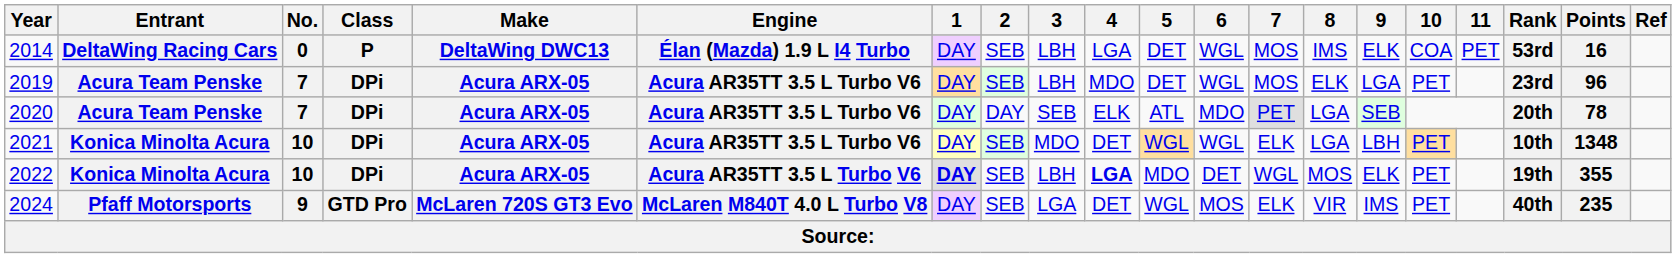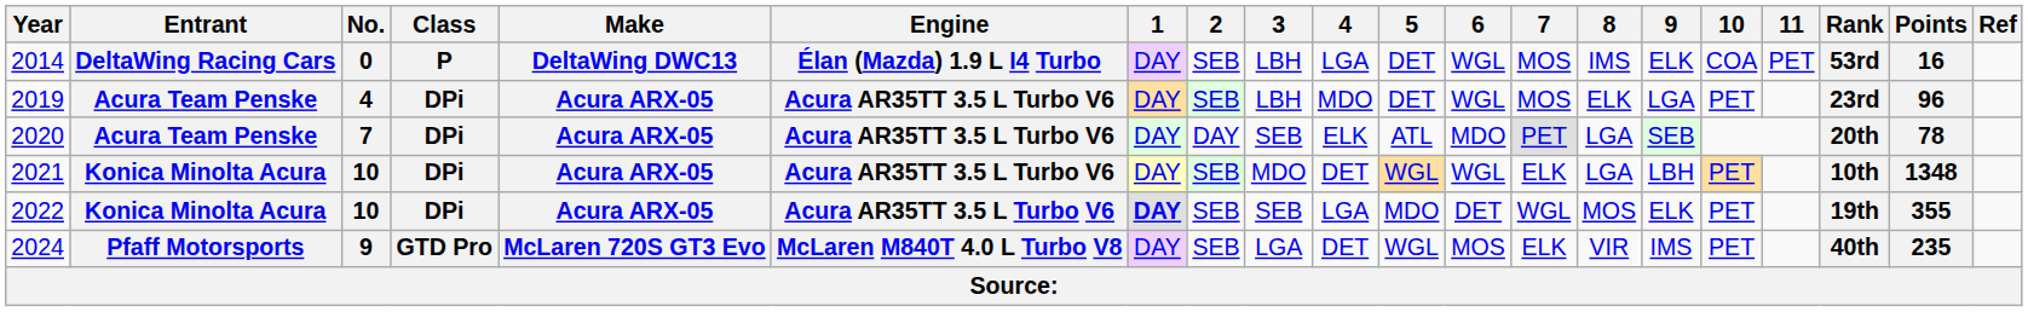 <table class="wikitable" style="text-align:center; font-size:85%">
 <tr>
 <th>Year</th>
 <th>Entrant</th>
 <th>No.</th>
 <th>Class</th>
 <th>Make</th>
 <th>Engine</th>
 <th>1</th>
 <th>2</th>
 <th>3</th>
 <th>4</th>
 <th>5</th>
 <th>6</th>
 <th>7</th>
 <th>8</th>
 <th>9</th>
 <th>10</th>
 <th>11</th>
 <th>Rank</th>
 <th>Points</th>
 <th>Ref</th>
 </tr>
 <tr>
 <td><a href='#'>2014</a></td>
 <th nowrap><a href='#'>DeltaWing Racing Cars</a></th>
 <th>0</th>
 <th>P</th>
 <th nowrap><a href='#'>DeltaWing DWC13</a></th>
 <th nowrap><a href='#'>Élan</a> (<a href='#'>Mazda</a>) 1.9 L <a href='#'>I4</a> <a href='#'>Turbo</a></th>
 <td style="background:#EFCFFF;"><a href='#'>DAY</a><br></td>
 <td><a href='#'>SEB</a></td>
 <td><a href='#'>LBH</a></td>
 <td><a href='#'>LGA</a></td>
 <td><a href='#'>DET</a></td>
 <td><a href='#'>WGL</a></td>
 <td><a href='#'>MOS</a></td>
 <td><a href='#'>IMS</a></td>
 <td><a href='#'>ELK</a></td>
 <td><a href='#'>COA</a></td>
 <td><a href='#'>PET</a></td>
 <th>53rd</th>
 <th>16</th>
 <td></td>
 </tr>
 <tr>
 <td><a href='#'>2019</a></td>
 <th nowrap><a href='#'>Acura Team Penske</a></th>
-<th>7</th>
+<th>4</th>
 <th>DPi</th>
 <th nowrap><a href='#'>Acura ARX-05</a></th>
 <th nowrap><a href='#'>Acura</a> AR35TT 3.5 L Turbo V6</th>
 <td style="background:#FFDF9F;"><a href='#'>DAY</a><br></td>
 <td style="background:#DFFFDF;"><a href='#'>SEB</a><br></td>
 <td><a href='#'>LBH</a></td>
 <td><a href='#'>MDO</a></td>
 <td><a href='#'>DET</a></td>
 <td><a href='#'>WGL</a></td>
 <td><a href='#'>MOS</a></td>
 <td><a href='#'>ELK</a></td>
 <td><a href='#'>LGA</a></td>
 <td><a href='#'>PET</a></td>
 <td></td>
 <th>23rd</th>
 <th>96</th>
 <td></td>
 </tr>
 <tr>
 <td><a href='#'>2020</a></td>
 <th nowrap><a href='#'>Acura Team Penske</a></th>
 <th>7</th>
 <th>DPi</th>
 <th nowrap><a href='#'>Acura ARX-05</a></th>
 <th nowrap><a href='#'>Acura</a> AR35TT 3.5 L Turbo V6</th>
 <td style="background:#DFFFDF;"><a href='#'>DAY</a><br></td>
 <td><a href='#'>DAY</a></td>
 <td><a href='#'>SEB</a></td>
 <td><a href='#'>ELK</a></td>
 <td><a href='#'>ATL</a></td>
 <td><a href='#'>MDO</a></td>
 <td style="background:#DFDFDF;"><a href='#'>PET</a><br></td>
 <td><a href='#'>LGA</a></td>
 <td style="background:#DFFFDF;"><a href='#'>SEB</a><br></td>
 <td colspan=2></td>
 <th>20th</th>
 <th>78</th>
 <td></td>
 </tr>
 <tr>
 <td><a href='#'>2021</a></td>
 <th nowrap><a href='#'>Konica Minolta Acura</a></th>
 <th>10</th>
 <th>DPi</th>
 <th nowrap><a href='#'>Acura ARX-05</a></th>
 <th nowrap><a href='#'>Acura</a> AR35TT 3.5 L Turbo V6</th>
 <td style="background:#FFFFBF;"><a href='#'>DAY</a><br></td>
 <td style="background:#DFFFDF;"><a href='#'>SEB</a><br></td>
 <td><a href='#'>MDO</a></td>
 <td><a href='#'>DET</a></td>
 <td style="background:#FFDF9F;"><a href='#'>WGL</a><br></td>
 <td><a href='#'>WGL</a></td>
 <td><a href='#'>ELK</a></td>
 <td><a href='#'>LGA</a></td>
 <td><a href='#'>LBH</a></td>
 <td style="background:#FFDF9F;"><a href='#'>PET</a><br></td>
 <td></td>
 <th>10th</th>
 <th>1348</th>
 <td></td>
 </tr>
 <tr>
 <td><a href='#'>2022</a></td>
 <th nowrap><a href='#'>Konica Minolta Acura</a></th>
 <th>10</th>
 <th>DPi</th>
 <th nowrap><a href='#'>Acura ARX-05</a></th>
 <th nowrap><a href='#'>Acura</a> AR35TT 3.5 L <a href='#'>Turbo</a> <a href='#'>V6</a></th>
 <td style="background:#DFDFDF;"><strong><a href='#'>DAY</a></strong><br></td>
 <td><a href='#'>SEB</a></td>
-<td><a href='#'>LBH</a></td>
-<td><strong><a href='#'>LGA</a></strong></td>
+<td><a href='#'>SEB</a></td>
+<td><a href='#'>LGA</a></td>
 <td><a href='#'>MDO</a></td>
 <td><a href='#'>DET</a></td>
 <td><a href='#'>WGL</a></td>
 <td><a href='#'>MOS</a></td>
 <td><a href='#'>ELK</a></td>
 <td><a href='#'>PET</a></td>
 <td></td>
 <th>19th</th>
 <th>355</th>
 <td></td>
 </tr>
 <tr>
 <td><a href='#'>2024</a></td>
 <th nowrap><a href='#'>Pfaff Motorsports</a></th>
 <th>9</th>
 <th nowrap>GTD Pro</th>
 <th nowrap><a href='#'>McLaren 720S GT3 Evo</a></th>
 <th nowrap><a href='#'>McLaren</a> <a href='#'>M840T</a> 4.0 L <a href='#'>Turbo</a> <a href='#'>V8</a></th>
 <td style="background:#EFCFFF;"><a href='#'>DAY</a><br></td>
 <td><a href='#'>SEB</a></td>
 <td><a href='#'>LGA</a></td>
 <td><a href='#'>DET</a></td>
 <td><a href='#'>WGL</a></td>
 <td><a href='#'>MOS</a></td>
 <td><a href='#'>ELK</a></td>
 <td><a href='#'>VIR</a></td>
 <td><a href='#'>IMS</a></td>
 <td><a href='#'>PET</a></td>
 <td></td>
 <th>40th</th>
 <th>235</th>
 <td></td>
 </tr>
 <tr>
 <th colspan="20">Source:</th>
 </tr>
 </table>
